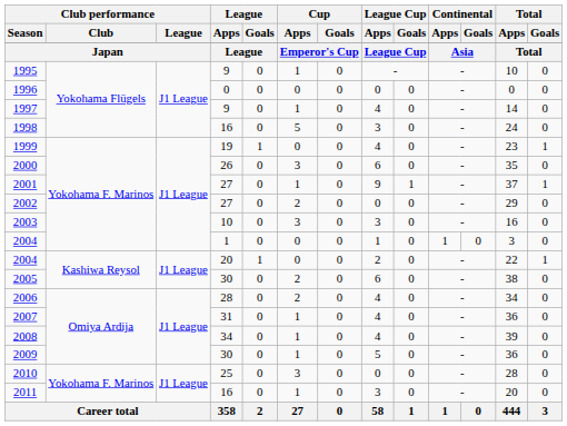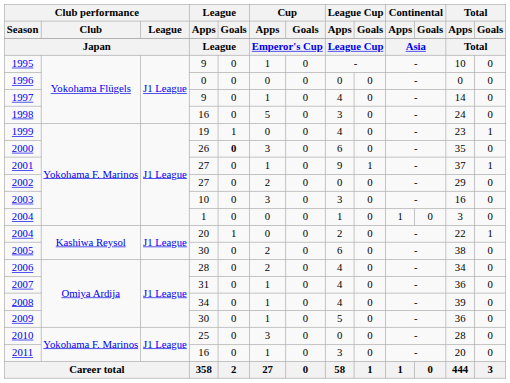 <table class="wikitable" style="text-align:center">
 <tr>
 <th colspan=3>Club performance</th>
 <th colspan=2>League</th>
 <th colspan=2>Cup</th>
 <th colspan=2>League Cup</th>
 <th colspan=2>Continental</th>
 <th colspan=2>Total</th>
 </tr>
 <tr>
 <th>Season</th>
 <th>Club</th>
 <th>League</th>
 <th>Apps</th>
 <th>Goals</th>
 <th>Apps</th>
 <th>Goals</th>
 <th>Apps</th>
 <th>Goals</th>
 <th>Apps</th>
 <th>Goals</th>
 <th>Apps</th>
 <th>Goals</th>
 </tr>
 <tr>
 </tr>
 <tr>
 <th colspan=3>Japan</th>
 <th colspan=2>League</th>
 <th colspan=2><a href='#'>Emperor's Cup</a></th>
 <th colspan=2><a href='#'>League Cup</a></th>
 <th colspan=2><a href='#'>Asia</a></th>
 <th colspan=2>Total</th>
 </tr>
 <tr>
 <td><a href='#'>1995</a></td>
 <td rowspan="4"><a href='#'>Yokohama Flügels</a></td>
 <td rowspan="4"><a href='#'>J1 League</a></td>
 <td>9</td>
 <td>0</td>
 <td>1</td>
 <td>0</td>
 <td colspan="2">-</td>
 <td colspan="2">-</td>
 <td>10</td>
 <td>0</td>
 </tr>
 <tr>
 <td><a href='#'>1996</a></td>
 <td>0</td>
 <td>0</td>
 <td>0</td>
 <td>0</td>
 <td>0</td>
 <td>0</td>
 <td colspan="2">-</td>
 <td>0</td>
 <td>0</td>
 </tr>
 <tr>
 <td><a href='#'>1997</a></td>
 <td>9</td>
 <td>0</td>
 <td>1</td>
 <td>0</td>
 <td>4</td>
 <td>0</td>
 <td colspan="2">-</td>
 <td>14</td>
 <td>0</td>
 </tr>
 <tr>
 <td><a href='#'>1998</a></td>
 <td>16</td>
 <td>0</td>
 <td>5</td>
 <td>0</td>
 <td>3</td>
 <td>0</td>
 <td colspan="2">-</td>
 <td>24</td>
 <td>0</td>
 </tr>
 <tr>
 <td><a href='#'>1999</a></td>
 <td rowspan="6"><a href='#'>Yokohama F. Marinos</a></td>
 <td rowspan="6"><a href='#'>J1 League</a></td>
 <td>19</td>
 <td>1</td>
 <td>0</td>
 <td>0</td>
 <td>4</td>
 <td>0</td>
 <td colspan="2">-</td>
 <td>23</td>
 <td>1</td>
 </tr>
 <tr>
 <td><a href='#'>2000</a></td>
 <td>26</td>
-<td>0</td>
+<td><strong>0</strong></td>
 <td>3</td>
 <td>0</td>
 <td>6</td>
 <td>0</td>
 <td colspan="2">-</td>
 <td>35</td>
 <td>0</td>
 </tr>
 <tr>
 <td><a href='#'>2001</a></td>
 <td>27</td>
 <td>0</td>
 <td>1</td>
 <td>0</td>
 <td>9</td>
 <td>1</td>
 <td colspan="2">-</td>
 <td>37</td>
 <td>1</td>
 </tr>
 <tr>
 <td><a href='#'>2002</a></td>
 <td>27</td>
 <td>0</td>
 <td>2</td>
 <td>0</td>
 <td>0</td>
 <td>0</td>
 <td colspan="2">-</td>
 <td>29</td>
 <td>0</td>
 </tr>
 <tr>
 <td><a href='#'>2003</a></td>
 <td>10</td>
 <td>0</td>
 <td>3</td>
 <td>0</td>
 <td>3</td>
 <td>0</td>
 <td colspan="2">-</td>
 <td>16</td>
 <td>0</td>
 </tr>
 <tr>
 <td><a href='#'>2004</a></td>
 <td>1</td>
 <td>0</td>
 <td>0</td>
 <td>0</td>
 <td>1</td>
 <td>0</td>
 <td>1</td>
 <td>0</td>
 <td>3</td>
 <td>0</td>
 </tr>
 <tr>
 <td><a href='#'>2004</a></td>
 <td rowspan="2"><a href='#'>Kashiwa Reysol</a></td>
 <td rowspan="2"><a href='#'>J1 League</a></td>
 <td>20</td>
 <td>1</td>
 <td>0</td>
 <td>0</td>
 <td>2</td>
 <td>0</td>
 <td colspan="2">-</td>
 <td>22</td>
 <td>1</td>
 </tr>
 <tr>
 <td><a href='#'>2005</a></td>
 <td>30</td>
 <td>0</td>
 <td>2</td>
 <td>0</td>
 <td>6</td>
 <td>0</td>
 <td colspan="2">-</td>
 <td>38</td>
 <td>0</td>
 </tr>
 <tr>
 <td><a href='#'>2006</a></td>
 <td rowspan="4"><a href='#'>Omiya Ardija</a></td>
 <td rowspan="4"><a href='#'>J1 League</a></td>
 <td>28</td>
 <td>0</td>
 <td>2</td>
 <td>0</td>
 <td>4</td>
 <td>0</td>
 <td colspan="2">-</td>
 <td>34</td>
 <td>0</td>
 </tr>
 <tr>
 <td><a href='#'>2007</a></td>
 <td>31</td>
 <td>0</td>
 <td>1</td>
 <td>0</td>
 <td>4</td>
 <td>0</td>
 <td colspan="2">-</td>
 <td>36</td>
 <td>0</td>
 </tr>
 <tr>
 <td><a href='#'>2008</a></td>
 <td>34</td>
 <td>0</td>
 <td>1</td>
 <td>0</td>
 <td>4</td>
 <td>0</td>
 <td colspan="2">-</td>
 <td>39</td>
 <td>0</td>
 </tr>
 <tr>
 <td><a href='#'>2009</a></td>
 <td>30</td>
 <td>0</td>
 <td>1</td>
 <td>0</td>
 <td>5</td>
 <td>0</td>
 <td colspan="2">-</td>
 <td>36</td>
 <td>0</td>
 </tr>
 <tr>
 <td><a href='#'>2010</a></td>
 <td rowspan="2"><a href='#'>Yokohama F. Marinos</a></td>
 <td rowspan="2"><a href='#'>J1 League</a></td>
 <td>25</td>
 <td>0</td>
 <td>3</td>
 <td>0</td>
 <td>0</td>
 <td>0</td>
 <td colspan="2">-</td>
 <td>28</td>
 <td>0</td>
 </tr>
 <tr>
 <td><a href='#'>2011</a></td>
 <td>16</td>
 <td>0</td>
 <td>1</td>
 <td>0</td>
 <td>3</td>
 <td>0</td>
 <td colspan="2">-</td>
 <td>20</td>
 <td>0</td>
 </tr>
 <tr>
 <th colspan=3>Career total</th>
 <th>358</th>
 <th>2</th>
 <th>27</th>
 <th>0</th>
 <th>58</th>
 <th>1</th>
 <th>1</th>
 <th>0</th>
 <th>444</th>
 <th>3</th>
 </tr>
 </table>
